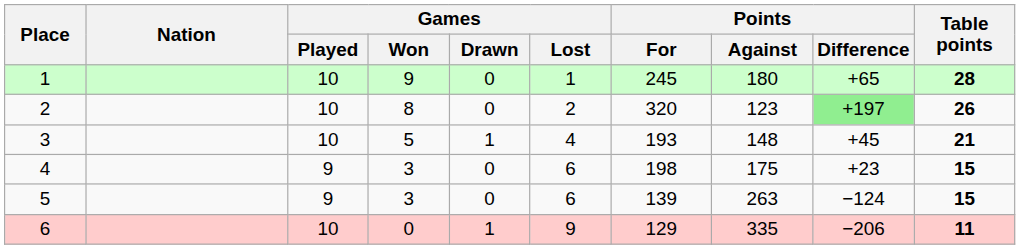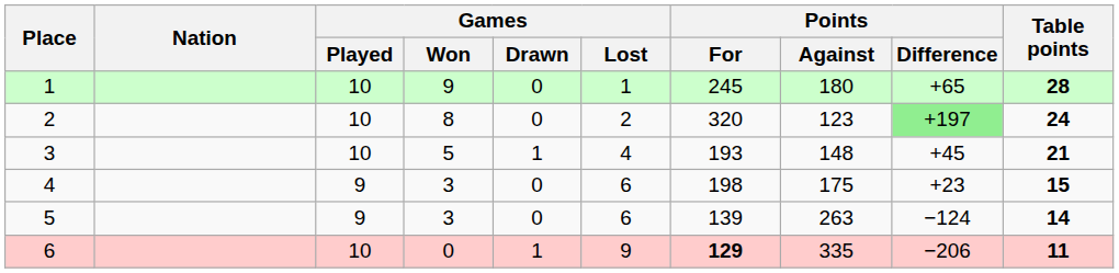 <table class="wikitable" style="text-align:center">
 <tr>
 <th rowspan=2 width="8%">Place</th>
 <th rowspan=2 width="20%">Nation</th>
 <th colspan=4 width="32%">Games</th>
 <th colspan=3 width="30%">Points</th>
 <th rowspan=2 width="10%">Table<br>points</th>
 </tr>
 <tr>
 <th width="8%">Played</th>
 <th width="8%">Won</th>
 <th width="8%">Drawn</th>
 <th width="8%">Lost</th>
 <th width="10%">For</th>
 <th width="10%">Against</th>
 <th width="10%">Difference</th>
 </tr>
 <tr bgcolor=#ccffcc>
 <td>1</td>
 <td align=left></td>
 <td>10</td>
 <td>9</td>
 <td>0</td>
 <td>1</td>
 <td>245</td>
 <td>180</td>
 <td>+65</td>
 <td><strong>28</strong></td>
 </tr>
 <tr>
 <td>2</td>
 <td align=left></td>
 <td>10</td>
 <td>8</td>
 <td>0</td>
 <td>2</td>
 <td>320</td>
 <td>123</td>
 <td style="background: lightgreen;">+197</td>
-<td><strong>26</strong></td>
+<td><strong>24</strong></td>
 </tr>
 <tr>
 <td>3</td>
 <td align=left></td>
 <td>10</td>
 <td>5</td>
 <td>1</td>
 <td>4</td>
 <td>193</td>
 <td>148</td>
 <td>+45</td>
 <td><strong>21</strong></td>
 </tr>
 <tr>
 <td>4</td>
 <td align=left></td>
 <td>9</td>
 <td>3</td>
 <td>0</td>
 <td>6</td>
 <td>198</td>
 <td>175</td>
 <td>+23</td>
 <td><strong>15</strong></td>
 </tr>
 <tr>
 <td>5</td>
 <td align=left></td>
 <td>9</td>
 <td>3</td>
 <td>0</td>
 <td>6</td>
 <td>139</td>
 <td>263</td>
 <td>−124</td>
-<td><strong>15</strong></td>
+<td><strong>14</strong></td>
 </tr>
 <tr bgcolor=#ffcccc>
 <td>6</td>
 <td align=left></td>
 <td>10</td>
 <td>0</td>
 <td>1</td>
 <td>9</td>
-<td>129</td>
+<td><strong>129</strong></td>
 <td>335</td>
 <td>−206</td>
 <td><strong>11</strong></td>
 </tr>
 </table>
